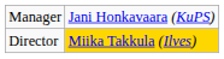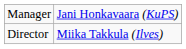 <table class="wikitable">
 <tr>
 <td>Manager</td>
 <td> <a href='#'>Jani Honkavaara</a> <em>(<a href='#'>KuPS</a>)</em></td>
 </tr>
 <tr>
 <td>Director</td>
-<td style="background: gold;"> <a href='#'>Miika Takkula</a> <em>(<a href='#'>Ilves</a>)</em></td>
+<td> <a href='#'>Miika Takkula</a> <em>(<a href='#'>Ilves</a>)</em></td>
 </tr>
 </table>
